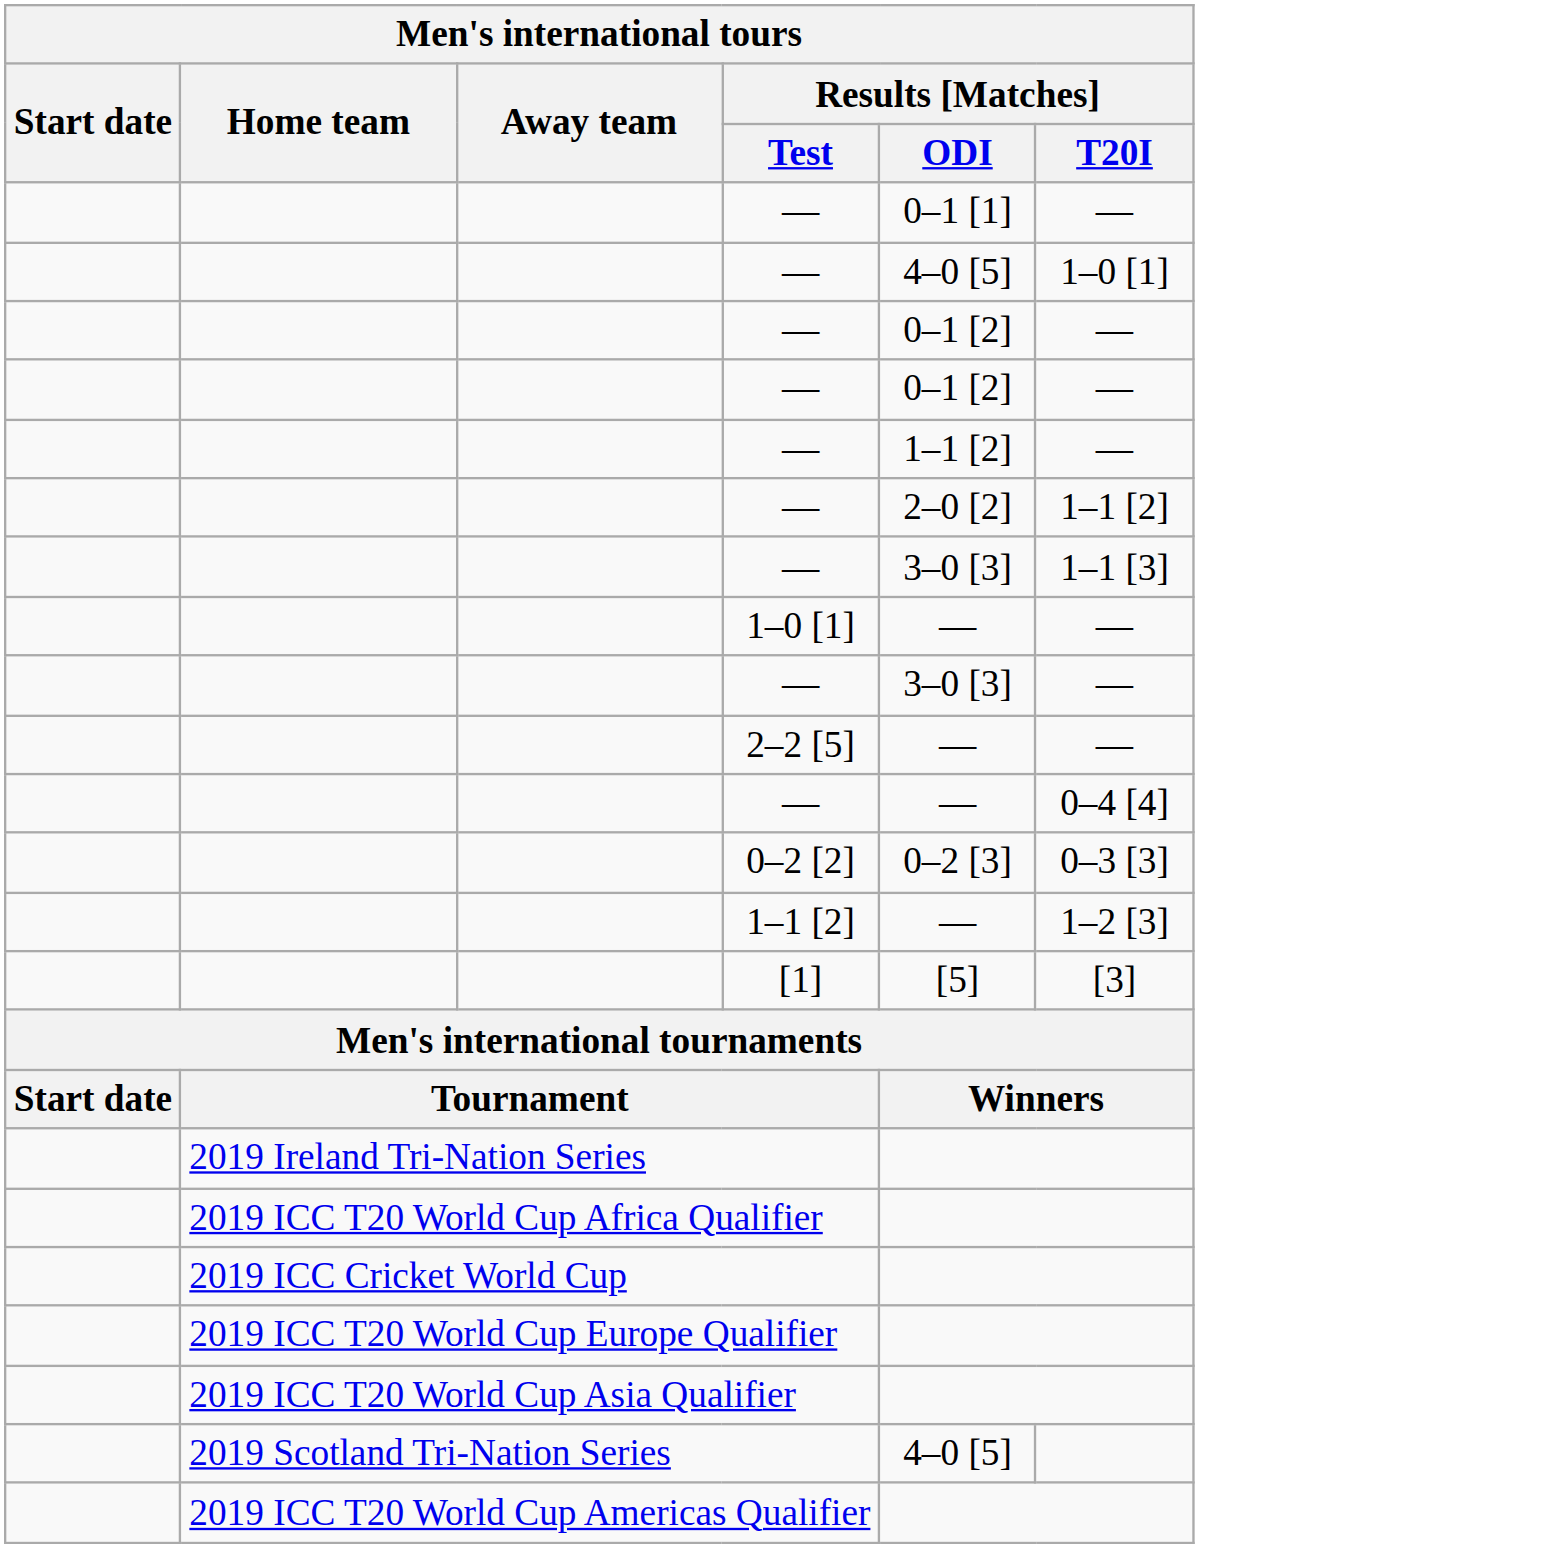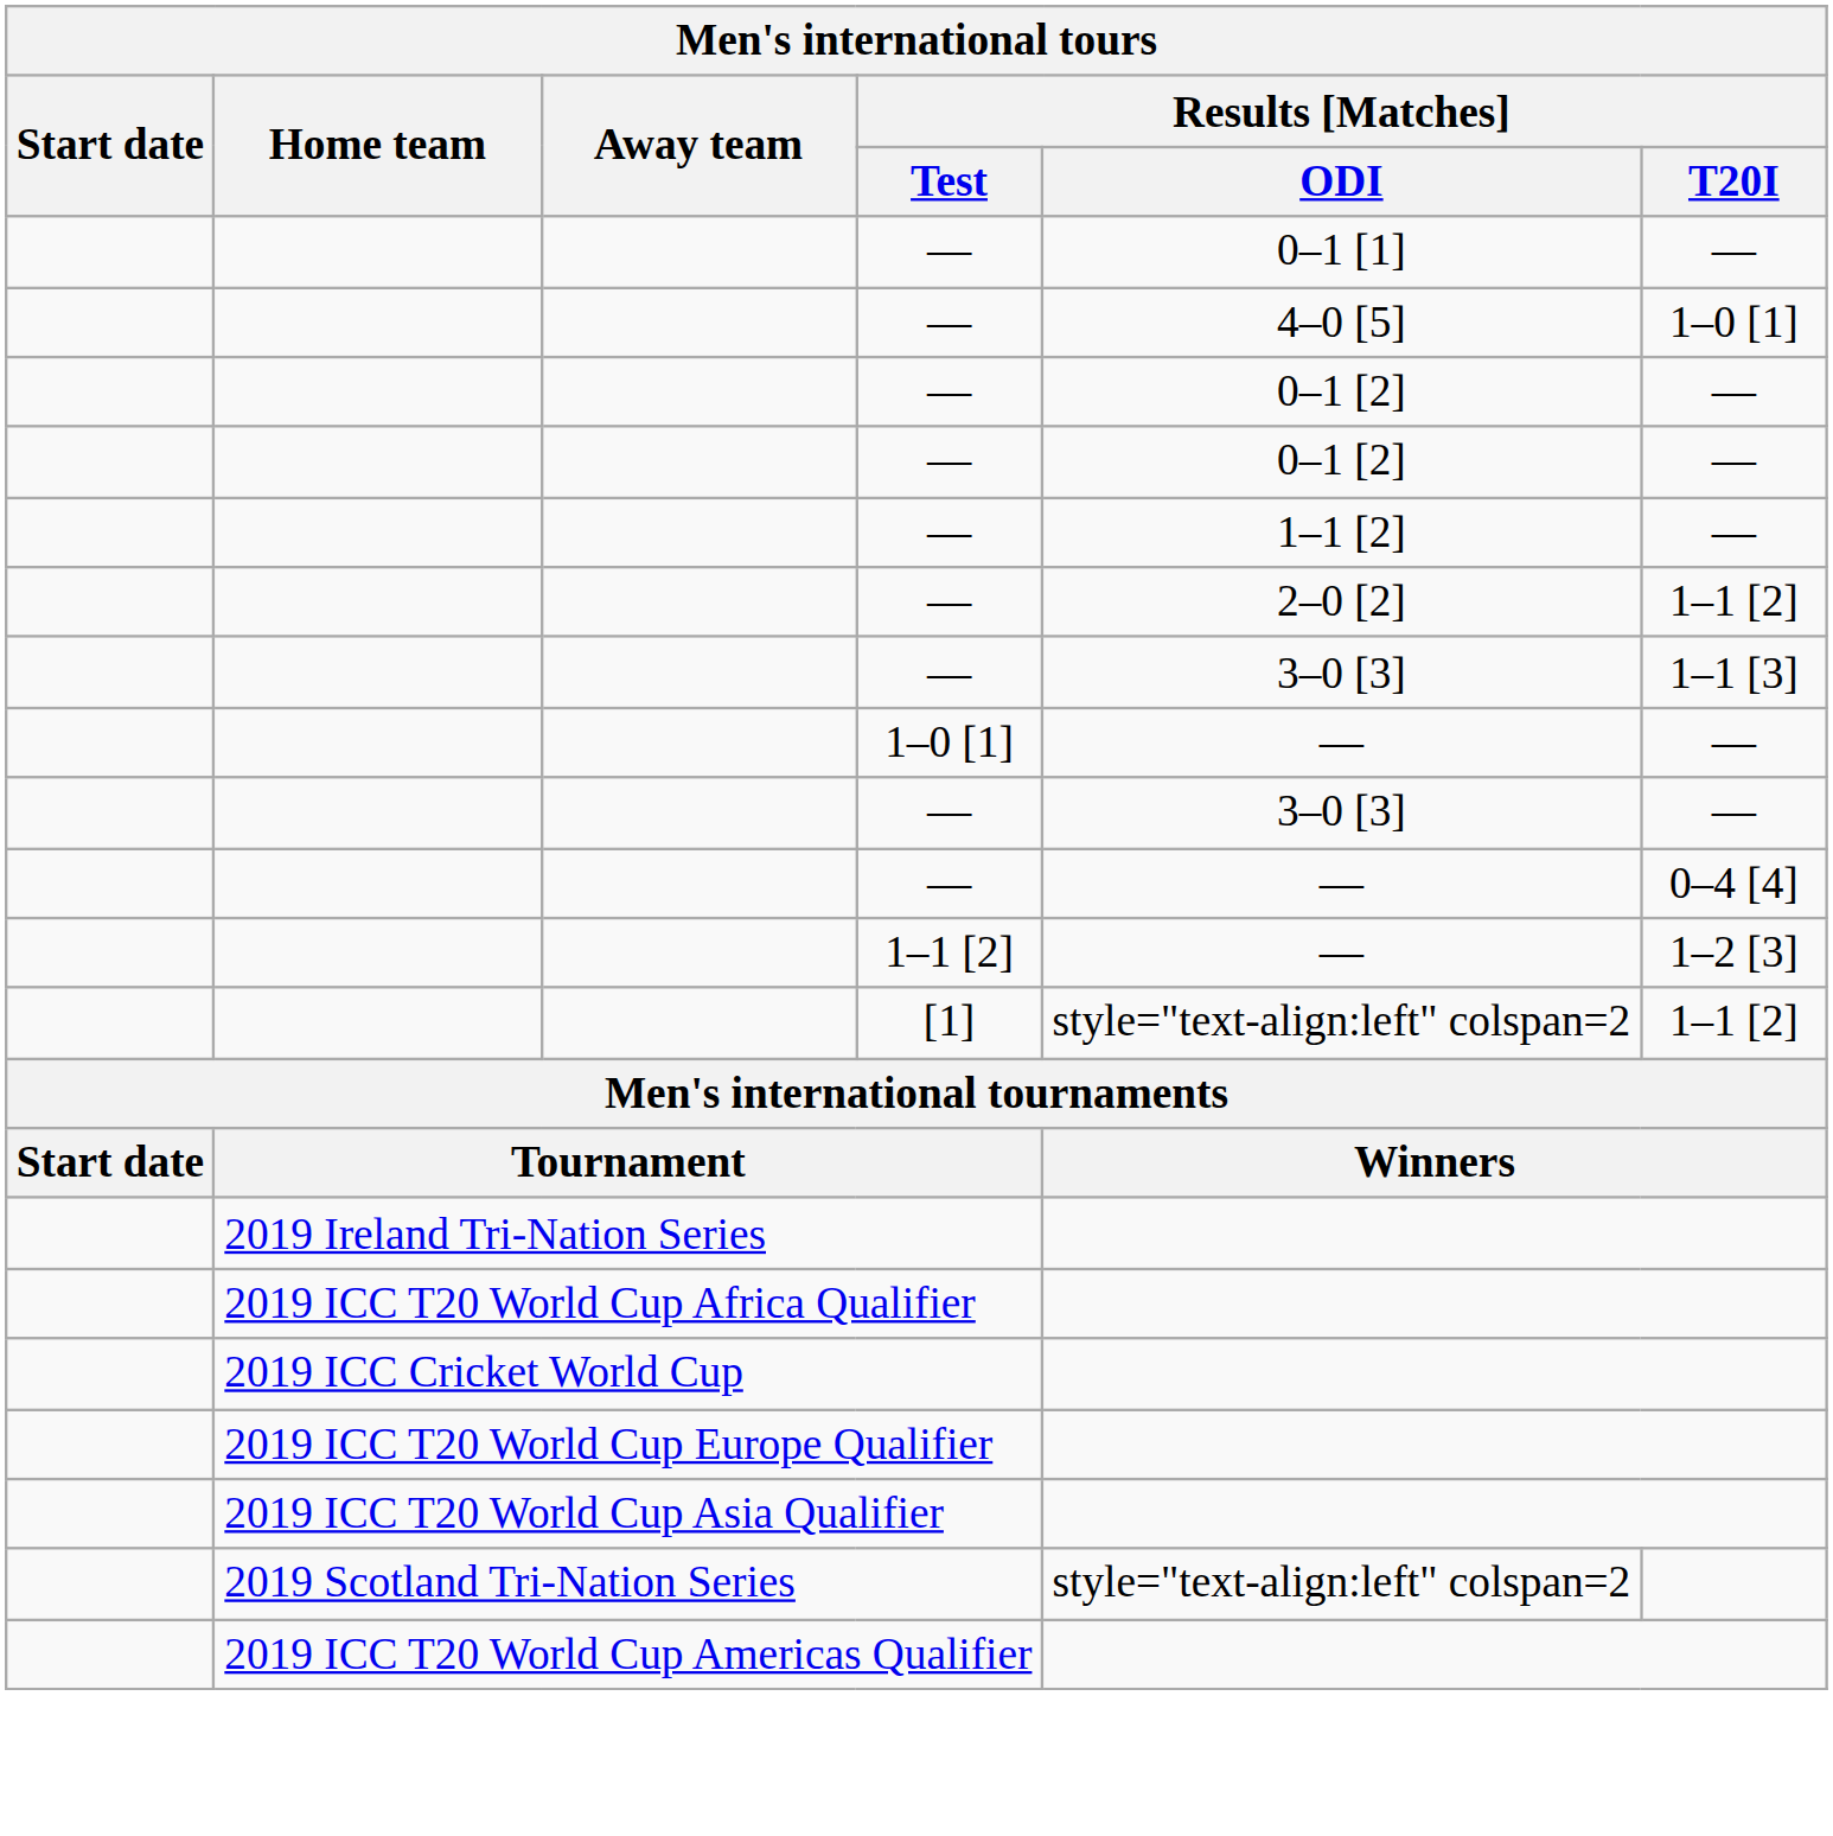 <table class="wikitable ubsortable" style="text-align:center; white-space:nowrap">
 <tr>
 <th colspan=6>Men's international tours</th>
 </tr>
 <tr>
 <th rowspan=2>Start date</th>
 <th rowspan=2>Home team</th>
 <th rowspan=2>Away team</th>
 <th colspan=3>Results [Matches]</th>
 </tr>
 <tr>
 <th width=60><a href='#'>Test</a></th>
 <th width=60><a href='#'>ODI</a></th>
 <th width=60><a href='#'>T20I</a></th>
 </tr>
 <tr>
 <td style="text-align:left"><a href='#'></a></td>
 <td style="text-align:left"></td>
 <td style="text-align:left"></td>
 <td>—</td>
 <td>0–1 [1]</td>
 <td>—</td>
 </tr>
 <tr>
 <td style="text-align:left"><a href='#'></a></td>
 <td style="text-align:left"></td>
 <td style="text-align:left"></td>
 <td>—</td>
 <td>4–0 [5]</td>
 <td>1–0 [1]</td>
 </tr>
 <tr>
 <td style="text-align:left"><a href='#'></a></td>
 <td style="text-align:left"></td>
 <td style="text-align:left"></td>
 <td>—</td>
 <td>0–1 [2]</td>
 <td>—</td>
 </tr>
 <tr>
 <td style="text-align:left"><a href='#'></a></td>
 <td style="text-align:left"></td>
 <td style="text-align:left"></td>
 <td>—</td>
 <td>0–1 [2]</td>
 <td>—</td>
 </tr>
 <tr>
 <td style="text-align:left"><a href='#'></a></td>
 <td style="text-align:left"></td>
 <td style="text-align:left"></td>
 <td>—</td>
 <td>1–1 [2]</td>
 <td>—</td>
 </tr>
 <tr>
 <td style="text-align:left"><a href='#'></a></td>
 <td style="text-align:left"></td>
 <td style="text-align:left"></td>
 <td>—</td>
 <td>2–0 [2]</td>
 <td>1–1 [2]</td>
 </tr>
 <tr>
 <td style="text-align:left"><a href='#'></a></td>
 <td style="text-align:left"></td>
 <td style="text-align:left"></td>
 <td>—</td>
 <td>3–0 [3]</td>
 <td>1–1 [3]</td>
 </tr>
 <tr>
 <td style="text-align:left"><a href='#'></a></td>
 <td style="text-align:left"></td>
 <td style="text-align:left"></td>
 <td>1–0 [1]</td>
 <td>—</td>
 <td>—</td>
 </tr>
 <tr>
 <td style="text-align:left"><a href='#'></a></td>
 <td style="text-align:left"></td>
 <td style="text-align:left"></td>
 <td>—</td>
 <td>3–0 [3]</td>
 <td>—</td>
 </tr>
 <tr>
 <td style="text-align:left"><a href='#'></a></td>
 <td style="text-align:left"></td>
 <td style="text-align:left"></td>
-<td>2–2 [5]</td>
-<td>—</td>
-<td>—</td>
-</tr>
-<tr>
-<td style="text-align:left"><a href='#'></a></td>
-<td style="text-align:left"></td>
-<td style="text-align:left"></td>
 <td>—</td>
 <td>—</td>
 <td>0–4 [4]</td>
-</tr>
-<tr>
-<td style="text-align:left"><a href='#'></a></td>
-<td style="text-align:left"> </td>
-<td style="text-align:left"></td>
-<td>0–2 [2]</td>
-<td>0–2 [3]</td>
-<td>0–3 [3]</td>
 </tr>
 <tr>
 <td style="text-align:left"><a href='#'></a></td>
 <td style="text-align:left"></td>
 <td style="text-align:left"></td>
 <td>1–1 [2]</td>
 <td>—</td>
 <td>1–2 [3]</td>
 </tr>
 <tr>
 <td style="text-align:left"><a href='#'></a></td>
 <td style="text-align:left"></td>
 <td style="text-align:left"></td>
 <td>[1]</td>
-<td>[5]</td>
-<td>[3]</td>
+<td>style="text-align:left" colspan=2 </td>
+<td>1–1 [2]</td>
 </tr>
 <tr>
 <th colspan=6>Men's international tournaments</th>
 </tr>
 <tr>
 <th>Start date</th>
 <th colspan=3>Tournament</th>
 <th colspan=2>Winners</th>
 </tr>
 <tr>
 <td style="text-align:left"><a href='#'></a></td>
 <td style="text-align:left" colspan=3> <a href='#'>2019 Ireland Tri-Nation Series</a></td>
 <td style="text-align:left" colspan=2></td>
 </tr>
 <tr>
 <td style="text-align:left"><a href='#'></a></td>
 <td style="text-align:left" colspan=3> <a href='#'>2019 ICC T20 World Cup Africa Qualifier</a></td>
 <td style="text-align:left" colspan=2></td>
 </tr>
 <tr>
 <td style="text-align:left"><a href='#'></a></td>
 <td style="text-align:left" colspan=3>  <a href='#'>2019 ICC Cricket World Cup</a></td>
 <td style="text-align:left" colspan=2></td>
 </tr>
 <tr>
 <td style="text-align:left"><a href='#'></a></td>
 <td style="text-align:left" colspan=3> <a href='#'>2019 ICC T20 World Cup Europe Qualifier</a></td>
 <td style="text-align:left" colspan=2></td>
 </tr>
 <tr>
 <td style="text-align:left"><a href='#'></a></td>
 <td style="text-align:left" colspan=3> <a href='#'>2019 ICC T20 World Cup Asia Qualifier</a></td>
 <td style="text-align:left" colspan=2></td>
 </tr>
 <tr>
 <td style="text-align:left"><a href='#'></a></td>
 <td style="text-align:left" colspan=3> <a href='#'>2019 Scotland Tri-Nation Series</a></td>
-<td>4–0 [5]</td>
+<td>style="text-align:left" colspan=2 </td>
 </tr>
 <tr>
 <td style="text-align:left"><a href='#'></a></td>
 <td style="text-align:left" colspan=3> <a href='#'>2019 ICC T20 World Cup Americas Qualifier</a></td>
 <td style="text-align:left" colspan=2></td>
 </tr>
 </table>
